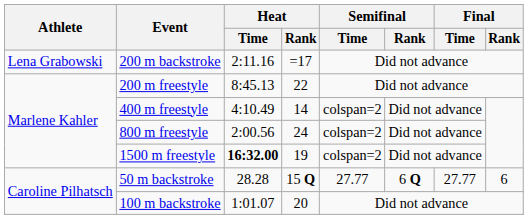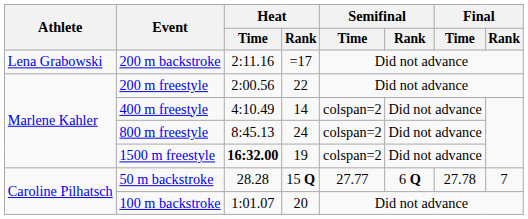 <table class="wikitable" style="text-align:center; font-size:90%">
 <tr>
 <th rowspan="2">Athlete</th>
 <th rowspan="2">Event</th>
 <th colspan="2">Heat</th>
 <th colspan="2">Semifinal</th>
 <th colspan="2">Final</th>
 </tr>
 <tr style="font-size:95%">
 <th>Time</th>
 <th>Rank</th>
 <th>Time</th>
 <th>Rank</th>
 <th>Time</th>
 <th>Rank</th>
 </tr>
 <tr>
 <td align=left><a href='#'>Lena Grabowski</a></td>
 <td align=left><a href='#'>200 m backstroke</a></td>
 <td>2:11.16</td>
 <td>=17</td>
 <td colspan=4>Did not advance</td>
 </tr>
 <tr>
 <td align=left rowspan=4><a href='#'>Marlene Kahler</a></td>
 <td align=left><a href='#'>200 m freestyle</a></td>
-<td>8:45.13</td>
+<td>2:00.56</td>
 <td>22</td>
 <td colspan=4>Did not advance</td>
 </tr>
 <tr>
 <td align=left><a href='#'>400 m freestyle</a></td>
 <td>4:10.49</td>
 <td>14</td>
 <td>colspan=2 </td>
 <td colspan=2>Did not advance</td>
 </tr>
 <tr>
 <td align=left><a href='#'>800 m freestyle</a></td>
-<td>2:00.56</td>
+<td>8:45.13</td>
 <td>24</td>
 <td>colspan=2 </td>
 <td colspan=2>Did not advance</td>
 </tr>
 <tr>
 <td align=left><a href='#'>1500 m freestyle</a></td>
 <td><strong>16:32.00</strong></td>
 <td>19</td>
 <td>colspan=2 </td>
 <td colspan=2>Did not advance</td>
 </tr>
 <tr>
 <td align=left rowspan=2><a href='#'>Caroline Pilhatsch</a></td>
 <td align=left><a href='#'>50 m backstroke</a></td>
 <td>28.28</td>
 <td>15 <strong>Q</strong></td>
 <td>27.77</td>
 <td>6 <strong>Q</strong></td>
-<td>27.77</td>
-<td>6</td>
+<td>27.78</td>
+<td>7</td>
 </tr>
 <tr>
 <td align=left><a href='#'>100 m backstroke</a></td>
 <td>1:01.07</td>
 <td>20</td>
 <td colspan=4>Did not advance</td>
 </tr>
 </table>
